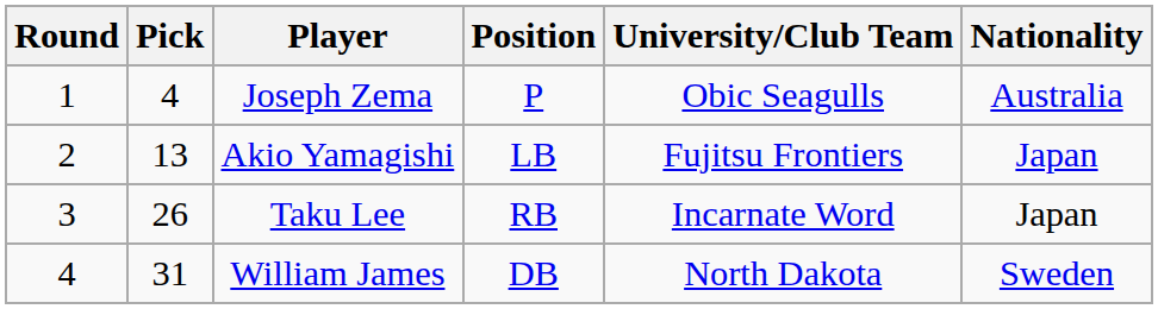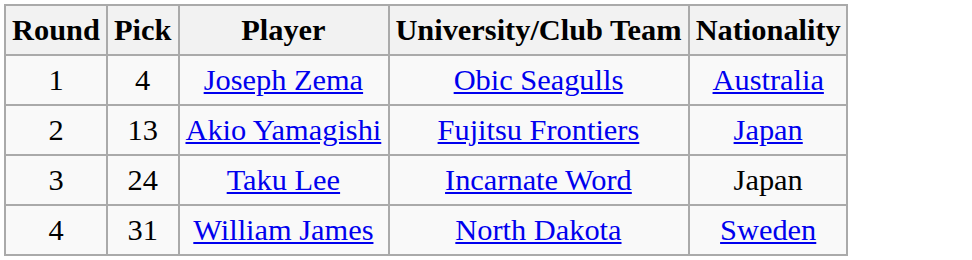 <table class="wikitable" style="font-size: 95%;">
 <tr>
 <th scope="col">Round</th>
 <th scope="col">Pick</th>
 <th scope="col">Player</th>
-<th scope="col">Position</th>
 <th scope="col">University/Club Team</th>
 <th scope="col">Nationality</th>
 </tr>
 <tr align="center">
 <td align=center>1</td>
 <td>4</td>
 <td><a href='#'>Joseph Zema</a></td>
-<td><a href='#'>P</a></td>
 <td><a href='#'>Obic Seagulls</a></td>
 <td> <a href='#'>Australia</a></td>
 </tr>
 <tr align="center">
 <td align=center>2</td>
 <td>13</td>
 <td><a href='#'>Akio Yamagishi</a></td>
-<td><a href='#'>LB</a></td>
 <td><a href='#'>Fujitsu Frontiers</a></td>
 <td> <a href='#'>Japan</a></td>
 </tr>
 <tr align="center">
 <td align=center>3</td>
-<td>26</td>
+<td>24</td>
 <td><a href='#'>Taku Lee</a></td>
-<td><a href='#'>RB</a></td>
 <td><a href='#'>Incarnate Word</a></td>
 <td> Japan</td>
 </tr>
 <tr align="center">
 <td align=center>4</td>
 <td>31</td>
 <td><a href='#'>William James</a></td>
-<td><a href='#'>DB</a></td>
 <td><a href='#'>North Dakota</a></td>
 <td> <a href='#'>Sweden</a></td>
 </tr>
 </table>
